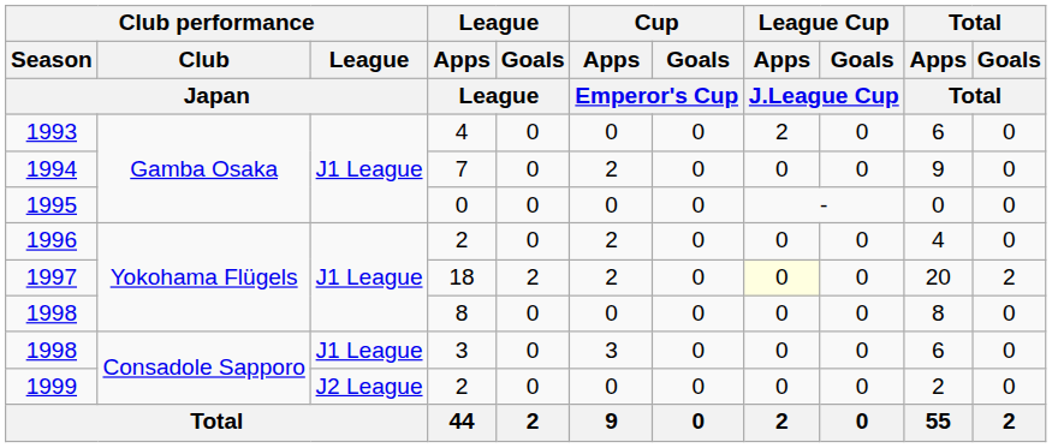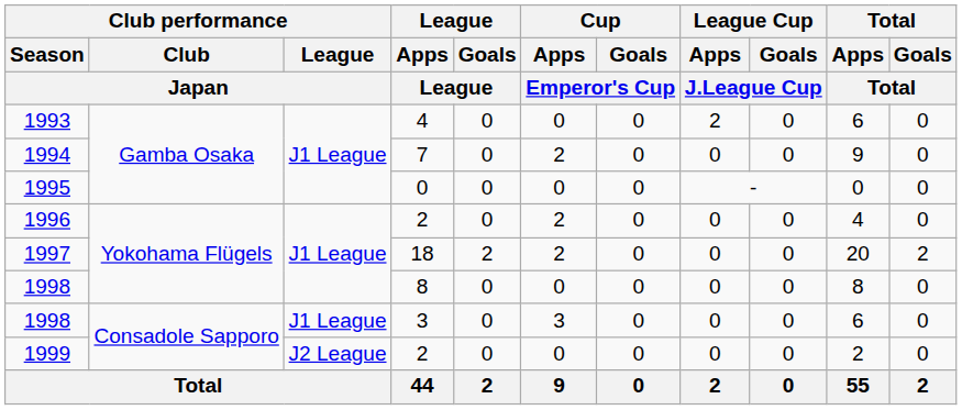 <table class="wikitable" style="text-align:center;">
 <tr>
 <th colspan=3>Club performance</th>
 <th colspan=2>League</th>
 <th colspan=2>Cup</th>
 <th colspan=2>League Cup</th>
 <th colspan=2>Total</th>
 </tr>
 <tr>
 <th>Season</th>
 <th>Club</th>
 <th>League</th>
 <th>Apps</th>
 <th>Goals</th>
 <th>Apps</th>
 <th>Goals</th>
 <th>Apps</th>
 <th>Goals</th>
 <th>Apps</th>
 <th>Goals</th>
 </tr>
 <tr>
 <th colspan=3>Japan</th>
 <th colspan=2>League</th>
 <th colspan=2><a href='#'>Emperor's Cup</a></th>
 <th colspan=2><a href='#'>J.League Cup</a></th>
 <th colspan=2>Total</th>
 </tr>
 <tr>
 <td><a href='#'>1993</a></td>
 <td rowspan="3"><a href='#'>Gamba Osaka</a></td>
 <td rowspan="3"><a href='#'>J1 League</a></td>
 <td>4</td>
 <td>0</td>
 <td>0</td>
 <td>0</td>
 <td>2</td>
 <td>0</td>
 <td>6</td>
 <td>0</td>
 </tr>
 <tr>
 <td><a href='#'>1994</a></td>
 <td>7</td>
 <td>0</td>
 <td>2</td>
 <td>0</td>
 <td>0</td>
 <td>0</td>
 <td>9</td>
 <td>0</td>
 </tr>
 <tr>
 <td><a href='#'>1995</a></td>
 <td>0</td>
 <td>0</td>
 <td>0</td>
 <td>0</td>
 <td colspan="2">-</td>
 <td>0</td>
 <td>0</td>
 </tr>
 <tr>
 <td><a href='#'>1996</a></td>
 <td rowspan="3"><a href='#'>Yokohama Flügels</a></td>
 <td rowspan="3"><a href='#'>J1 League</a></td>
 <td>2</td>
 <td>0</td>
 <td>2</td>
 <td>0</td>
 <td>0</td>
 <td>0</td>
 <td>4</td>
 <td>0</td>
 </tr>
 <tr>
 <td><a href='#'>1997</a></td>
 <td>18</td>
 <td>2</td>
 <td>2</td>
 <td>0</td>
-<td style="background: lightyellow;">0</td>
+<td>0</td>
 <td>0</td>
 <td>20</td>
 <td>2</td>
 </tr>
 <tr>
 <td><a href='#'>1998</a></td>
 <td>8</td>
 <td>0</td>
 <td>0</td>
 <td>0</td>
 <td>0</td>
 <td>0</td>
 <td>8</td>
 <td>0</td>
 </tr>
 <tr>
 <td><a href='#'>1998</a></td>
 <td rowspan="2"><a href='#'>Consadole Sapporo</a></td>
 <td><a href='#'>J1 League</a></td>
 <td>3</td>
 <td>0</td>
 <td>3</td>
 <td>0</td>
 <td>0</td>
 <td>0</td>
 <td>6</td>
 <td>0</td>
 </tr>
 <tr>
 <td><a href='#'>1999</a></td>
 <td><a href='#'>J2 League</a></td>
 <td>2</td>
 <td>0</td>
 <td>0</td>
 <td>0</td>
 <td>0</td>
 <td>0</td>
 <td>2</td>
 <td>0</td>
 </tr>
 <tr>
 <th colspan=3>Total</th>
 <th>44</th>
 <th>2</th>
 <th>9</th>
 <th>0</th>
 <th>2</th>
 <th>0</th>
 <th>55</th>
 <th>2</th>
 </tr>
 </table>
